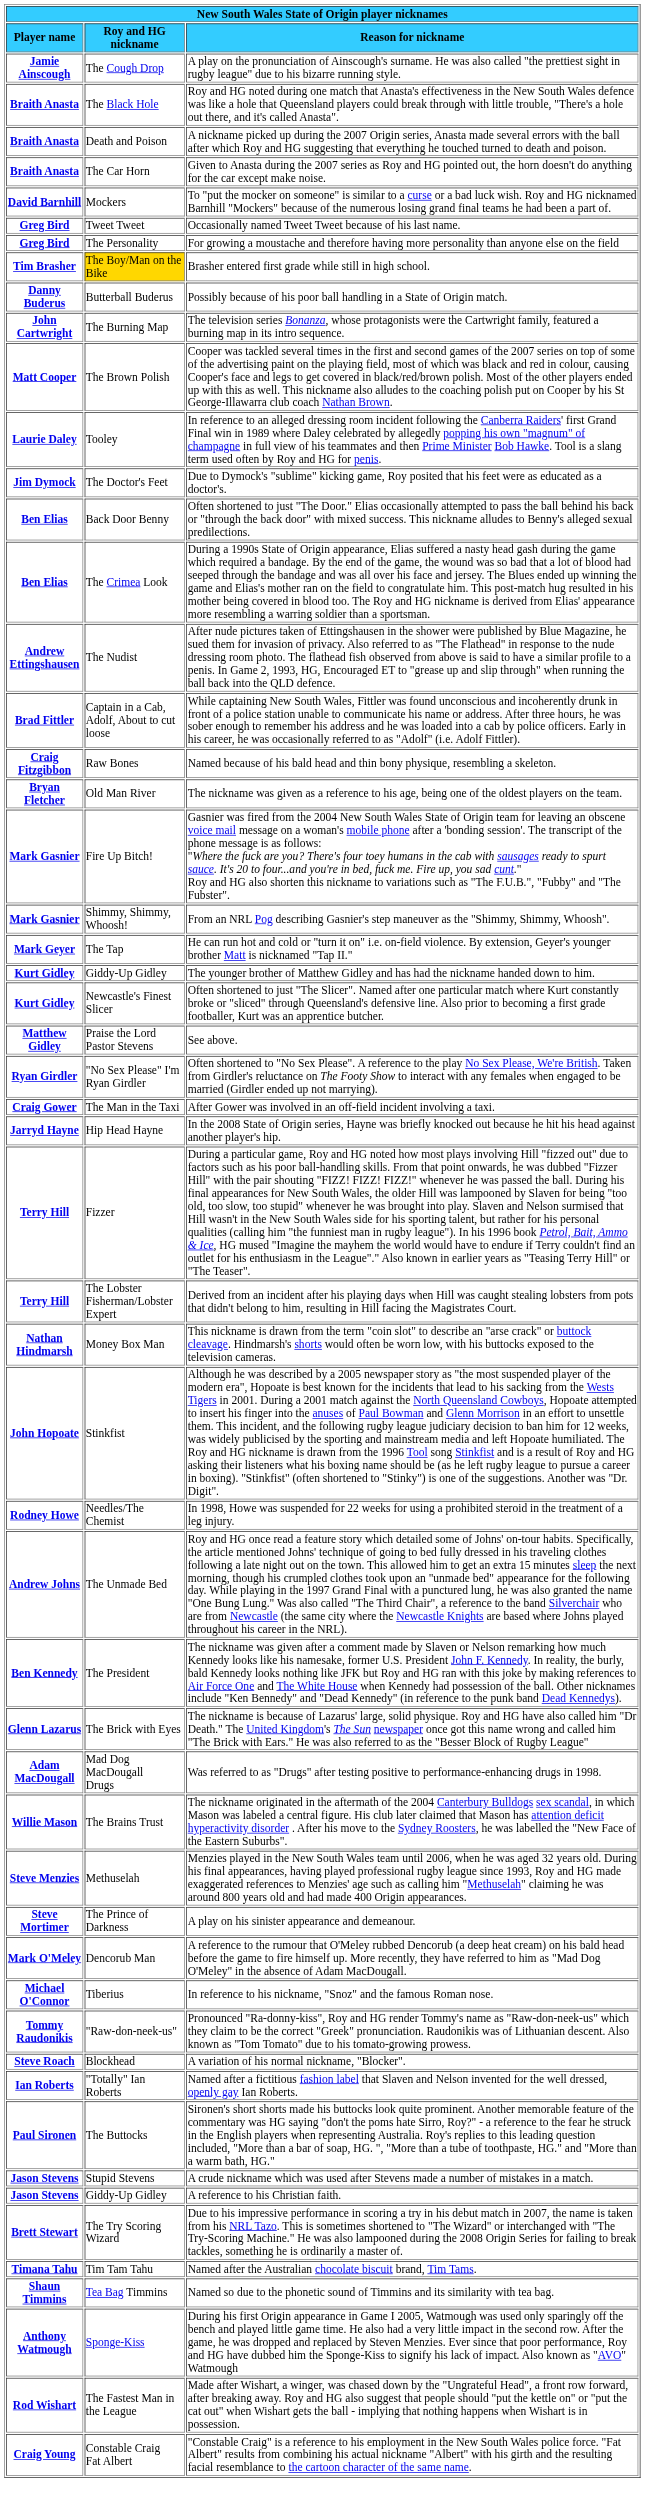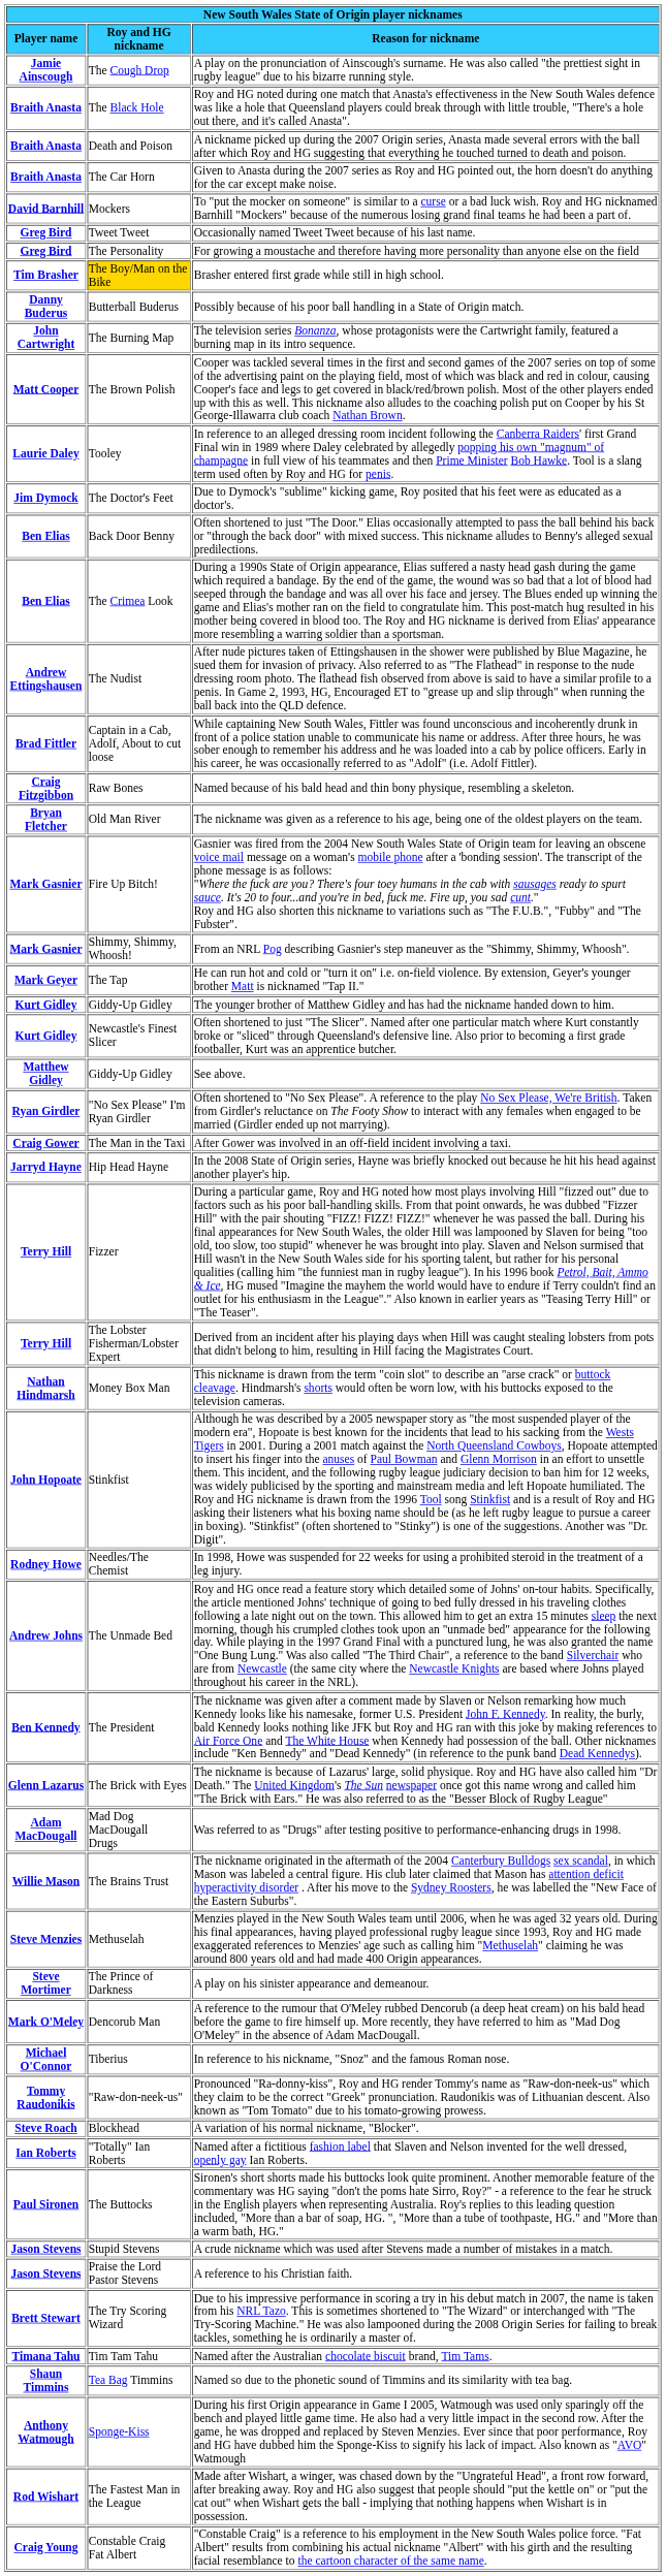 <table border="1">
 <tr>
 <th colspan="3"  style="text-align:center; background:#3cf; color:black;">New South Wales State of Origin player nicknames</th>
 </tr>
 <tr>
 <th style="background:#3cf; color:black;">Player name</th>
 <th style="background:#3cf; color:black;">Roy and HG nickname</th>
 <th style="background:#3cf; color:black;">Reason for nickname</th>
 </tr>
 <tr>
 <th><a href='#'>Jamie Ainscough</a></th>
 <td>The <a href='#'>Cough Drop</a></td>
 <td>A play on the pronunciation of Ainscough's surname. He was also called "the prettiest sight in rugby league" due to his bizarre running style.</td>
 </tr>
 <tr>
 <th><a href='#'>Braith Anasta</a></th>
 <td>The <a href='#'>Black Hole</a></td>
 <td>Roy and HG noted during one match that Anasta's effectiveness in the New South Wales defence was like a hole that Queensland players could break through with little trouble, "There's a hole out there, and it's called Anasta".</td>
 </tr>
 <tr>
 <th><a href='#'>Braith Anasta</a></th>
 <td>Death and Poison</td>
 <td>A nickname picked up during the 2007 Origin series, Anasta made several errors with the ball after which Roy and HG suggesting that everything he touched turned to death and poison.</td>
 </tr>
 <tr>
 <th><a href='#'>Braith Anasta</a></th>
 <td>The Car Horn</td>
 <td>Given to Anasta during the 2007 series as Roy and HG pointed out, the horn doesn't do anything for the car except make noise.</td>
 </tr>
 <tr>
 <th><a href='#'>David Barnhill</a></th>
 <td>Mockers</td>
 <td>To "put the mocker on someone" is similar to a <a href='#'>curse</a> or a bad luck wish. Roy and HG nicknamed Barnhill "Mockers" because of the numerous losing grand final teams he had been a part of.</td>
 </tr>
 <tr>
 <th><a href='#'>Greg Bird</a></th>
 <td>Tweet Tweet</td>
 <td>Occasionally named Tweet Tweet because of his last name.</td>
 </tr>
 <tr>
 <th><a href='#'>Greg Bird</a></th>
 <td>The Personality</td>
 <td>For growing a moustache and therefore having more personality than anyone else on the field</td>
 </tr>
 <tr>
 <th><a href='#'>Tim Brasher</a></th>
 <td style="background: gold;">The Boy/Man on the Bike</td>
 <td>Brasher entered first grade while still in high school.</td>
 </tr>
 <tr>
 <th><a href='#'>Danny Buderus</a></th>
 <td>Butterball Buderus</td>
 <td>Possibly because of his poor ball handling in a State of Origin match.</td>
 </tr>
 <tr>
 <th><a href='#'>John Cartwright</a></th>
 <td>The Burning Map</td>
 <td>The television series <em><a href='#'>Bonanza</a></em>, whose protagonists were the Cartwright family, featured a burning map in its intro sequence.</td>
 </tr>
 <tr>
 <th><a href='#'>Matt Cooper</a></th>
 <td>The Brown Polish</td>
 <td>Cooper was tackled several times in the first and second games of the 2007 series on top of some of the advertising paint on the playing field, most of which was black and red in colour, causing Cooper's face and legs to get covered in black/red/brown polish. Most of the other players ended up with this as well. This nickname also alludes to the coaching polish put on Cooper by his St George-Illawarra club coach <a href='#'>Nathan Brown</a>.</td>
 </tr>
 <tr>
 <th><a href='#'>Laurie Daley</a></th>
 <td>Tooley</td>
 <td>In reference to an alleged dressing room incident following the <a href='#'>Canberra Raiders</a>' first Grand Final win in 1989 where Daley celebrated by allegedly <a href='#'>popping his own "magnum" of champagne</a> in full view of his teammates and then <a href='#'>Prime Minister</a> <a href='#'>Bob Hawke</a>. Tool is a slang term used often by Roy and HG for <a href='#'>penis</a>.</td>
 </tr>
 <tr>
 <th><a href='#'>Jim Dymock</a></th>
 <td>The Doctor's Feet</td>
 <td>Due to Dymock's "sublime" kicking game, Roy posited that his feet were as educated as a doctor's.</td>
 </tr>
 <tr>
 <th><a href='#'>Ben Elias</a></th>
 <td>Back Door Benny</td>
 <td>Often shortened to just "The Door." Elias occasionally attempted to pass the ball behind his back or "through the back door" with mixed success. This nickname alludes to Benny's alleged sexual predilections.</td>
 </tr>
 <tr>
 <th><a href='#'>Ben Elias</a></th>
 <td>The <a href='#'>Crimea</a> Look</td>
 <td>During a 1990s State of Origin appearance, Elias suffered a nasty head gash during the game which required a bandage. By the end of the game, the wound was so bad that a lot of blood had seeped through the bandage and was all over his face and jersey. The Blues ended up winning the game and Elias's mother ran on the field to congratulate him. This post-match hug resulted in his mother being covered in blood too. The Roy and HG nickname is derived from Elias' appearance more resembling a warring soldier than a sportsman.</td>
 </tr>
 <tr>
 <th><a href='#'>Andrew Ettingshausen</a></th>
 <td>The Nudist</td>
 <td>After nude pictures taken of Ettingshausen in the shower were published by Blue Magazine, he sued them for invasion of privacy. Also referred to as "The Flathead" in response to the nude dressing room photo. The flathead fish observed from above is said to have a similar profile to a penis. In Game 2, 1993, HG, Encouraged ET to "grease up and slip through" when running the ball back into the QLD defence.</td>
 </tr>
 <tr>
 <th><a href='#'>Brad Fittler</a></th>
 <td>Captain in a Cab, Adolf, About to cut loose</td>
 <td>While captaining New South Wales, Fittler was found unconscious and incoherently drunk in front of a police station unable to communicate his name or address. After three hours, he was sober enough to remember his address and he was loaded into a cab by police officers. Early in his career, he was occasionally referred to as "Adolf" (i.e. Adolf Fittler).</td>
 </tr>
 <tr>
 <th><a href='#'>Craig Fitzgibbon</a></th>
 <td>Raw Bones</td>
 <td>Named because of his bald head and thin bony physique, resembling a skeleton.</td>
 </tr>
 <tr>
 <th><a href='#'>Bryan Fletcher</a></th>
 <td>Old Man River</td>
 <td>The nickname was given as a reference to his age, being one of the oldest players on the team.</td>
 </tr>
 <tr>
 <th><a href='#'>Mark Gasnier</a></th>
 <td>Fire Up Bitch!</td>
 <td>Gasnier was fired from the 2004 New South Wales State of Origin team for leaving an obscene <a href='#'>voice mail</a> message on a woman's <a href='#'>mobile phone</a> after a 'bonding session'. The transcript of the phone message is as follows:<br>"<em>Where the fuck are you? There's four toey humans in the cab with <a href='#'>sausages</a> ready to spurt <a href='#'>sauce</a>. It's 20 to four...and you're in bed, fuck me. Fire up, you sad <a href='#'>cunt</a>.</em>"<br>Roy and HG also shorten this nickname to variations such as "The F.U.B.", "Fubby" and "The Fubster".</td>
 </tr>
 <tr>
 <th><a href='#'>Mark Gasnier</a></th>
 <td>Shimmy, Shimmy, Whoosh!</td>
 <td>From an NRL <a href='#'>Pog</a> describing Gasnier's step maneuver as the "Shimmy, Shimmy, Whoosh".</td>
 </tr>
 <tr>
 <th><a href='#'>Mark Geyer</a></th>
 <td>The Tap</td>
 <td>He can run hot and cold or "turn it on" i.e. on-field violence. By extension, Geyer's younger brother <a href='#'>Matt</a> is nicknamed "Tap II."</td>
 </tr>
 <tr>
 <th><a href='#'>Kurt Gidley</a></th>
 <td>Giddy-Up Gidley</td>
 <td>The younger brother of Matthew Gidley and has had the nickname handed down to him.</td>
 </tr>
 <tr>
 <th><a href='#'>Kurt Gidley</a></th>
 <td>Newcastle's Finest Slicer</td>
 <td>Often shortened to just "The Slicer". Named after one particular match where Kurt constantly broke or "sliced" through Queensland's defensive line. Also prior to becoming a first grade footballer, Kurt was an apprentice butcher.</td>
 </tr>
 <tr>
 <th><a href='#'>Matthew Gidley</a></th>
-<td>Praise the Lord Pastor Stevens</td>
+<td>Giddy-Up Gidley</td>
 <td>See above.</td>
 </tr>
 <tr>
 <th><a href='#'>Ryan Girdler</a></th>
 <td>"No Sex Please" I'm Ryan Girdler</td>
 <td>Often shortened to "No Sex Please". A reference to the play <a href='#'>No Sex Please, We're British</a>. Taken from Girdler's reluctance on <em>The Footy Show</em> to interact with any females when engaged to be married (Girdler ended up not marrying).</td>
 </tr>
 <tr>
 <th><a href='#'>Craig Gower</a></th>
 <td>The Man in the Taxi</td>
 <td>After Gower was involved in an off-field incident involving a taxi.</td>
 </tr>
 <tr>
 <th><a href='#'>Jarryd Hayne</a></th>
 <td>Hip Head Hayne</td>
 <td>In the 2008 State of Origin series, Hayne was briefly knocked out because he hit his head against another player's hip.</td>
 </tr>
 <tr>
 <th><a href='#'>Terry Hill</a></th>
 <td>Fizzer</td>
 <td>During a particular game, Roy and HG noted how most plays involving Hill "fizzed out" due to factors such as his poor ball-handling skills. From that point onwards, he was dubbed "Fizzer Hill" with the pair shouting "FIZZ! FIZZ! FIZZ!" whenever he was passed the ball. During his final appearances for New South Wales, the older Hill was lampooned by Slaven for being "too old, too slow, too stupid" whenever he was brought into play. Slaven and Nelson surmised that Hill wasn't in the New South Wales side for his sporting talent, but rather for his personal qualities (calling him "the funniest man in rugby league"). In his 1996 book <em><a href='#'>Petrol, Bait, Ammo & Ice</a></em>, HG mused "Imagine the mayhem the world would have to endure if Terry couldn't find an outlet for his enthusiasm in the League"." Also known in earlier years as "Teasing Terry Hill" or "The Teaser".</td>
 </tr>
 <tr>
 <th><a href='#'>Terry Hill</a></th>
 <td>The Lobster Fisherman/Lobster Expert</td>
 <td>Derived from an incident after his playing days when Hill was caught stealing lobsters from pots that didn't belong to him, resulting in Hill facing the Magistrates Court.</td>
 </tr>
 <tr>
 <th><a href='#'>Nathan Hindmarsh</a></th>
 <td>Money Box Man</td>
 <td>This nickname is drawn from the term "coin slot" to describe an "arse crack" or <a href='#'>buttock cleavage</a>. Hindmarsh's <a href='#'>shorts</a> would often be worn low, with his buttocks exposed to the television cameras.</td>
 </tr>
 <tr>
 <th><a href='#'>John Hopoate</a></th>
 <td>Stinkfist</td>
 <td>Although he was described by a 2005 newspaper story as "the most suspended player of the modern era", Hopoate is best known for the incidents that lead to his sacking from the <a href='#'>Wests Tigers</a> in 2001. During a 2001 match against the <a href='#'>North Queensland Cowboys</a>, Hopoate attempted to insert his finger into the <a href='#'>anuses</a> of <a href='#'>Paul Bowman</a> and <a href='#'>Glenn Morrison</a> in an effort to unsettle them. This incident, and the following rugby league judiciary decision to ban him for 12 weeks, was widely publicised by the sporting and mainstream media and left Hopoate humiliated. The Roy and HG nickname is drawn from the 1996 <a href='#'>Tool</a> song <a href='#'>Stinkfist</a> and is a result of Roy and HG asking their listeners what his boxing name should be (as he left rugby league to pursue a career in boxing). "Stinkfist" (often shortened to "Stinky") is one of the suggestions.  Another was "Dr. Digit".</td>
 </tr>
 <tr>
 <th><a href='#'>Rodney Howe</a></th>
 <td>Needles/The Chemist</td>
 <td>In 1998, Howe was suspended for 22 weeks for using a prohibited steroid in the treatment of a leg injury.</td>
 </tr>
 <tr>
 <th><a href='#'>Andrew Johns</a></th>
 <td>The Unmade Bed</td>
 <td>Roy and HG once read a feature story which detailed some of  Johns' on-tour habits. Specifically, the article mentioned Johns' technique of going to bed fully dressed in his traveling clothes following a late night out on the town. This allowed him to get an extra 15 minutes <a href='#'>sleep</a> the next morning, though his crumpled clothes took upon an "unmade bed" appearance for the following day. While playing in the 1997 Grand Final with a punctured lung, he was also granted the name "One Bung Lung." Was also called "The Third Chair", a reference to the band <a href='#'>Silverchair</a> who are from <a href='#'>Newcastle</a> (the same city where the <a href='#'>Newcastle Knights</a> are based where Johns played throughout his career in the NRL).</td>
 </tr>
 <tr>
 <th><a href='#'>Ben Kennedy</a></th>
 <td>The President</td>
 <td>The nickname was given after a comment made by Slaven or Nelson remarking how much Kennedy looks like his namesake, former U.S. President <a href='#'>John F. Kennedy</a>. In reality, the burly, bald Kennedy looks nothing like JFK but Roy and HG ran with this joke by making references to <a href='#'>Air Force One</a> and <a href='#'>The White House</a> when Kennedy had possession of the ball. Other nicknames include "Ken Bennedy" and "Dead Kennedy" (in reference to the punk band <a href='#'>Dead Kennedys</a>).</td>
 </tr>
 <tr>
 <th><a href='#'>Glenn Lazarus</a></th>
 <td>The Brick with Eyes</td>
 <td>The nickname is because of Lazarus' large, solid physique. Roy and HG have also called him "Dr Death." The <a href='#'>United Kingdom</a>'s <em><a href='#'>The Sun</a></em> <a href='#'>newspaper</a> once got this name wrong and called him "The Brick with Ears." He was also referred to as the "Besser Block of Rugby League"</td>
 </tr>
 <tr>
 <th><a href='#'>Adam MacDougall</a></th>
 <td>Mad Dog MacDougall<br>Drugs</td>
 <td>Was referred to as "Drugs" after testing positive to performance-enhancing drugs in 1998.</td>
 </tr>
 <tr>
 <th><a href='#'>Willie Mason</a></th>
 <td>The Brains Trust</td>
 <td>The nickname originated in the aftermath of the 2004 <a href='#'>Canterbury Bulldogs</a> <a href='#'>sex scandal</a>, in which Mason was labeled a central figure. His club later claimed that Mason has <a href='#'>attention deficit hyperactivity disorder</a> . After his move to the <a href='#'>Sydney Roosters</a>, he was labelled the "New Face of the Eastern Suburbs".</td>
 </tr>
 <tr>
 <th><a href='#'>Steve Menzies</a></th>
 <td>Methuselah</td>
 <td>Menzies played in the New South Wales team until 2006, when he was aged 32 years old. During his final appearances, having played professional rugby league since 1993, Roy and HG made exaggerated references to Menzies' age such as calling him "<a href='#'>Methuselah</a>" claiming he was around 800 years old and had made 400 Origin appearances.</td>
 </tr>
 <tr>
 <th><a href='#'>Steve Mortimer</a></th>
 <td>The Prince of Darkness</td>
 <td>A play on his sinister appearance and demeanour.</td>
 </tr>
 <tr>
 <th><a href='#'>Mark O'Meley</a></th>
 <td>Dencorub Man</td>
 <td>A reference to the rumour that O'Meley rubbed Dencorub (a deep heat cream) on his bald head before the game to fire himself up. More recently, they have referred to him as "Mad Dog O'Meley" in the absence of Adam MacDougall.</td>
 </tr>
 <tr>
 <th><a href='#'>Michael O'Connor</a></th>
 <td>Tiberius</td>
 <td>In reference to his nickname, "Snoz" and the famous Roman nose.</td>
 </tr>
 <tr>
 <th><a href='#'>Tommy Raudonikis</a></th>
 <td>"Raw-don-neek-us"</td>
 <td>Pronounced "Ra-donny-kiss", Roy and HG render Tommy's name as "Raw-don-neek-us" which they claim to be the correct "Greek" pronunciation. Raudonikis was of Lithuanian descent. Also known as "Tom Tomato" due to his tomato-growing prowess.</td>
 </tr>
 <tr>
 <th><a href='#'>Steve Roach</a></th>
 <td>Blockhead</td>
 <td>A variation of his normal nickname, "Blocker".</td>
 </tr>
 <tr>
 <th><a href='#'>Ian Roberts</a></th>
 <td>"Totally" Ian Roberts</td>
 <td>Named after a fictitious <a href='#'>fashion label</a> that Slaven and Nelson invented for the well dressed, <a href='#'>openly gay</a> Ian Roberts.</td>
 </tr>
 <tr>
 <th><a href='#'>Paul Sironen</a></th>
 <td>The Buttocks</td>
 <td>Sironen's short shorts made his buttocks look quite prominent. Another memorable feature of the commentary was HG saying "don't the poms hate Sirro, Roy?" - a reference to the fear he struck in the English players when representing Australia. Roy's replies to this leading question included, "More than a bar of soap, HG. ", "More than a tube of toothpaste, HG." and "More than a warm bath, HG."</td>
 </tr>
 <tr>
 <th><a href='#'>Jason Stevens</a></th>
 <td>Stupid Stevens</td>
 <td>A crude nickname which was used after Stevens made a number of mistakes in a match.</td>
 </tr>
 <tr>
 <th><a href='#'>Jason Stevens</a></th>
-<td>Giddy-Up Gidley</td>
+<td>Praise the Lord Pastor Stevens</td>
 <td>A reference to his Christian faith.</td>
 </tr>
 <tr>
 <th><a href='#'>Brett Stewart</a></th>
 <td>The Try Scoring Wizard</td>
 <td>Due to his impressive performance in scoring a try in his debut match in 2007, the name is taken from his <a href='#'>NRL Tazo</a>. This is sometimes shortened to "The Wizard" or interchanged with "The Try-Scoring Machine." He was also lampooned during the 2008 Origin Series for failing to break tackles, something he is ordinarily a master of.</td>
 </tr>
 <tr>
 <th><a href='#'>Timana Tahu</a></th>
 <td>Tim Tam Tahu</td>
 <td>Named after the Australian <a href='#'>chocolate biscuit</a> brand, <a href='#'>Tim Tams</a>.</td>
 </tr>
 <tr>
 <th><a href='#'>Shaun Timmins</a></th>
 <td><a href='#'>Tea Bag</a> Timmins</td>
 <td>Named so due to the phonetic sound of Timmins and its similarity with tea bag.</td>
 </tr>
 <tr>
 <th><a href='#'>Anthony Watmough</a></th>
 <td><a href='#'>Sponge-Kiss</a></td>
 <td>During his first Origin appearance in Game I 2005, Watmough was used only sparingly off the bench and played little game time. He also had a very little impact in the second row. After the game, he was dropped and replaced by Steven Menzies. Ever since that poor performance, Roy and HG have dubbed him the Sponge-Kiss to signify his lack of impact. Also known as "<a href='#'>AVO</a>" Watmough</td>
 </tr>
 <tr>
 <th><a href='#'>Rod Wishart</a></th>
 <td>The Fastest Man in the League</td>
 <td>Made after Wishart, a winger, was chased down by the "Ungrateful Head", a front row forward, after breaking away. Roy and HG also suggest that people should "put the kettle on" or "put the cat out" when Wishart gets the ball - implying that nothing happens when Wishart is in possession.</td>
 </tr>
 <tr>
 <th><a href='#'>Craig Young</a></th>
 <td>Constable Craig<br>Fat Albert</td>
 <td>"Constable Craig" is a reference to his employment in the New South Wales police force. "Fat Albert" results from combining his actual nickname "Albert" with his girth and the resulting facial resemblance to <a href='#'>the cartoon character of the same name</a>.</td>
 </tr>
 </table>
